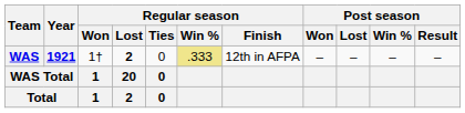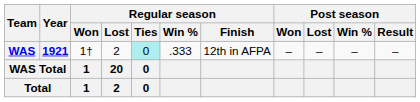 <table class="wikitable" style="font-size: 95%; text-align:center;">
 <tr>
 <th rowspan="2">Team</th>
 <th rowspan="2">Year</th>
 <th colspan="5">Regular season</th>
 <th colspan="4">Post season</th>
 </tr>
 <tr>
 <th>Won</th>
 <th>Lost</th>
 <th>Ties</th>
 <th>Win %</th>
 <th>Finish</th>
 <th>Won</th>
 <th>Lost</th>
 <th>Win %</th>
 <th>Result</th>
 </tr>
 <tr>
 <th><a href='#'>WAS</a></th>
 <th><a href='#'>1921</a></th>
 <td>1†</td>
-<td><strong>2</strong></td>
-<td>0</td>
-<td style="background: khaki;">.333</td>
+<td>2</td>
+<td style="background: paleturquoise;">0</td>
+<td>.333</td>
 <td>12th in AFPA</td>
 <td>–</td>
 <td>–</td>
 <td>–</td>
 <td>–</td>
 </tr>
 <tr>
 <th colspan="2">WAS Total</th>
 <th>1</th>
 <th>20</th>
 <th>0</th>
 <th></th>
 <th></th>
 <th></th>
 <th></th>
 <th></th>
 <th></th>
 </tr>
 <tr>
 <th colspan="2">Total</th>
 <th>1</th>
 <th>2</th>
 <th>0</th>
 <th></th>
 <th></th>
 <th></th>
 <th></th>
 <th></th>
 <th></th>
 </tr>
 </table>
